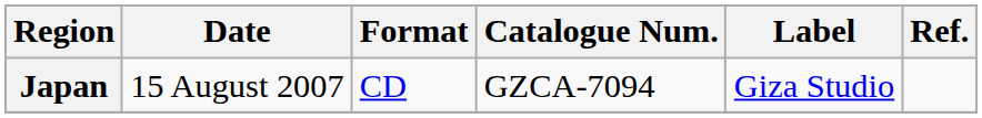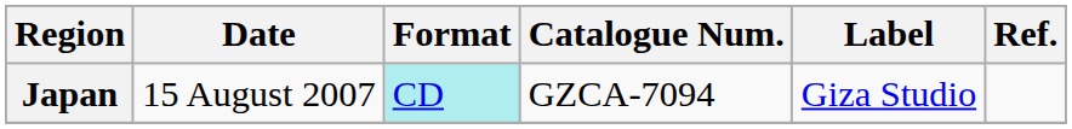 <table class="wikitable sortable plainrowheaders">
 <tr>
 <th scope="col">Region</th>
 <th scope="col">Date</th>
 <th scope="col">Format</th>
 <th scope="col">Catalogue Num.</th>
 <th scope="col">Label</th>
 <th scope="col">Ref.</th>
 </tr>
 <tr>
 <th scope="row">Japan</th>
 <td>15 August 2007</td>
-<td><a href='#'>CD</a></td>
+<td style="background: paleturquoise;"><a href='#'>CD</a></td>
 <td>GZCA-7094</td>
 <td><a href='#'>Giza Studio</a></td>
 <td></td>
 </tr>
 <tr>
 </tr>
 </table>
